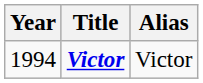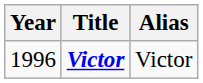 <table class="wikitable">
 <tr>
 <th>Year</th>
 <th>Title</th>
 <th>Alias</th>
 </tr>
 <tr>
-<td>1994</td>
+<td>1996</td>
 <td><strong><a href='#'><em>Victor</em></a></strong></td>
 <td>Victor</td>
 </tr>
 </table>
